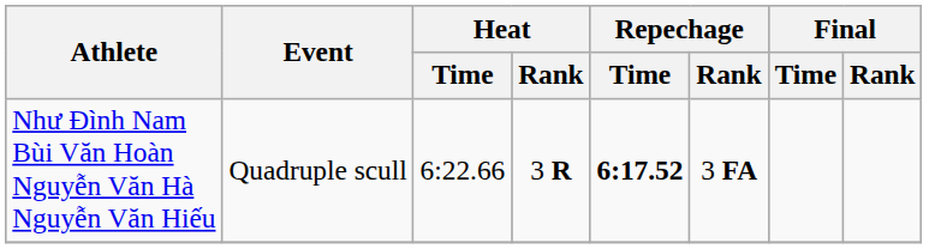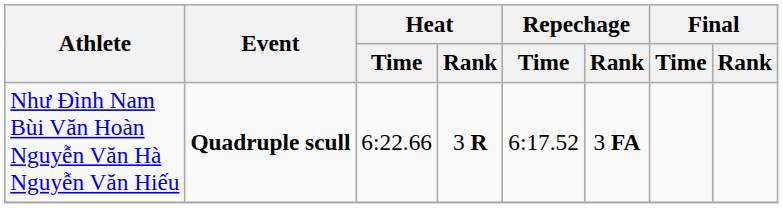 <table class=wikitable style="text-align:center; font-size:90%">
 <tr>
 <th rowspan="2">Athlete</th>
 <th rowspan="2">Event</th>
 <th colspan="2">Heat</th>
 <th colspan="2">Repechage</th>
 <th colspan="2">Final</th>
 </tr>
 <tr>
 <th>Time</th>
 <th>Rank</th>
 <th>Time</th>
 <th>Rank</th>
 <th>Time</th>
 <th>Rank</th>
 </tr>
 <tr>
 <td align=left><a href='#'>Như Đình Nam</a><br><a href='#'>Bùi Văn Hoàn</a><br><a href='#'>Nguyễn Văn Hà</a><br><a href='#'>Nguyễn Văn Hiếu </a></td>
-<td>Quadruple scull</td>
+<td><strong>Quadruple scull</strong></td>
 <td>6:22.66</td>
 <td>3 <strong>R</strong></td>
-<td><strong>6:17.52</strong></td>
+<td>6:17.52</td>
 <td>3 <strong>FA</strong></td>
 <td></td>
 <td></td>
 </tr>
 <tr>
 </tr>
 </table>
